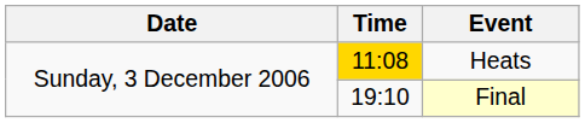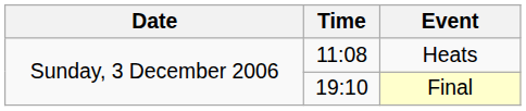 <table class = "wikitable" style="text-align:center;">
 <tr>
 <th width=220>Date</th>
 <th width=50>Time</th>
 <th width=100>Event</th>
 </tr>
 <tr>
 <td rowspan=2>Sunday, 3 December 2006</td>
-<td style="background: gold;">11:08</td>
+<td>11:08</td>
 <td>Heats</td>
 </tr>
 <tr>
 <td>19:10</td>
 <td bgcolor=ffffcc>Final</td>
 </tr>
 </table>
